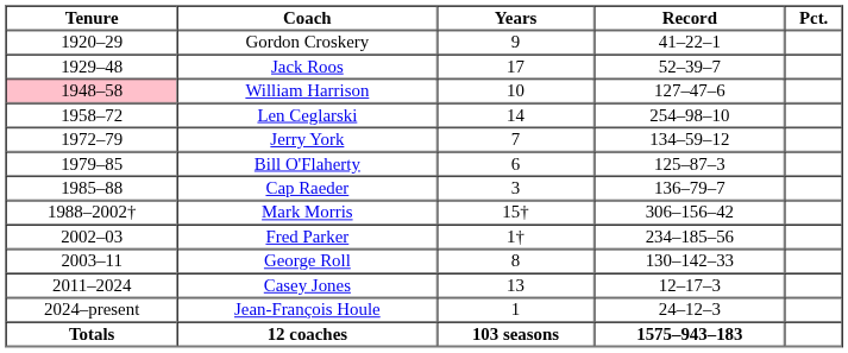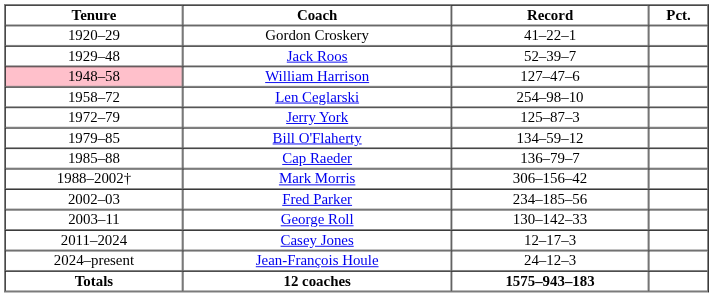 <table cellpadding="1" border="1" cellspacing="0" width="60%">
 <tr>
 <th>Tenure</th>
 <th>Coach</th>
-<th>Years</th>
 <th>Record</th>
 <th>Pct.</th>
 </tr>
 <tr align="center">
 <td>1920–29</td>
 <td>Gordon Croskery</td>
-<td>9</td>
 <td>41–22–1</td>
 <td></td>
 </tr>
 <tr align="center">
 <td>1929–48</td>
 <td><a href='#'>Jack Roos</a></td>
-<td>17</td>
 <td>52–39–7</td>
 <td></td>
 </tr>
 <tr align="center">
 <td style="background: pink;">1948–58</td>
 <td><a href='#'>William Harrison</a></td>
-<td>10</td>
 <td>127–47–6</td>
 <td></td>
 </tr>
 <tr align="center">
 <td>1958–72</td>
 <td><a href='#'>Len Ceglarski</a></td>
-<td>14</td>
 <td>254–98–10</td>
 <td></td>
 </tr>
 <tr align="center">
 <td>1972–79</td>
 <td><a href='#'>Jerry York</a></td>
-<td>7</td>
-<td>134–59–12</td>
+<td>125–87–3</td>
 <td></td>
 </tr>
 <tr align="center">
 <td>1979–85</td>
 <td><a href='#'>Bill O'Flaherty</a></td>
-<td>6</td>
-<td>125–87–3</td>
+<td>134–59–12</td>
 <td></td>
 </tr>
 <tr align="center">
 <td>1985–88</td>
 <td><a href='#'>Cap Raeder</a></td>
-<td>3</td>
 <td>136–79–7</td>
 <td></td>
 </tr>
 <tr align="center">
 <td>1988–2002†</td>
 <td><a href='#'>Mark Morris</a></td>
-<td>15†</td>
 <td>306–156–42</td>
 <td></td>
 </tr>
 <tr align=center>
 <td>2002–03</td>
 <td><a href='#'>Fred Parker</a></td>
-<td>1†</td>
 <td>234–185–56</td>
 <td></td>
 </tr>
 <tr align=center>
 <td>2003–11</td>
 <td><a href='#'>George Roll</a></td>
-<td>8</td>
 <td>130–142–33</td>
 <td></td>
 </tr>
 <tr align="center">
 <td>2011–2024</td>
 <td><a href='#'>Casey Jones</a></td>
-<td>13</td>
 <td>12–17–3</td>
 <td></td>
 </tr>
 <tr align="center">
 <td>2024–present</td>
 <td><a href='#'>Jean-François Houle</a></td>
-<td>1</td>
 <td>24–12–3</td>
 <td></td>
 </tr>
 <tr align="center">
 <th>Totals</th>
 <th>12 coaches</th>
-<th>103 seasons</th>
 <th>1575–943–183</th>
 <th></th>
 </tr>
 </table>
